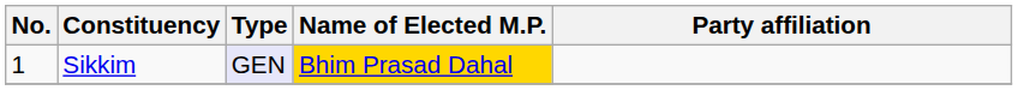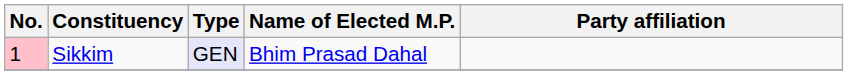 <table class="wikitable" style="font-size:95%;">
 <tr>
 <th>No.</th>
 <th>Constituency</th>
 <th>Type</th>
 <th>Name of Elected M.P.</th>
 <th colspan="2" style="width:18em">Party affiliation</th>
 </tr>
 <tr>
-<td>1</td>
+<td style="background: pink;">1</td>
 <td><a href='#'>Sikkim</a></td>
 <td style="background: lavender;">GEN</td>
-<td style="background: gold;"><a href='#'>Bhim Prasad Dahal</a></td>
+<td><a href='#'>Bhim Prasad Dahal</a></td>
 <td></td>
 </tr>
 <tr>
 </tr>
 </table>
